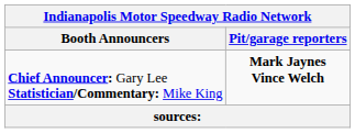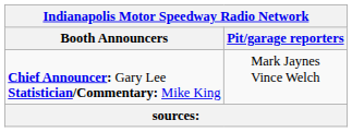 <table class="wikitable" style="font-size: 95%">
 <tr>
 <th colspan=3><a href='#'>Indianapolis Motor Speedway Radio Network</a></th>
 </tr>
 <tr>
 <th>Booth Announcers</th>
 <th><a href='#'>Pit/garage reporters</a></th>
 </tr>
 <tr>
 <td valign="top"><br><strong><a href='#'>Chief Announcer</a>: </strong>Gary Lee<br> <strong><a href='#'>Statistician</a>/Commentary: </strong><a href='#'>Mike King</a></td>
-<td align="center" valign="top"><strong>Mark Jaynes<br>Vince Welch</strong></td>
+<td align="center" valign="top">Mark Jaynes<br>Vince Welch</td>
 </tr>
 <tr>
 <th colspan=2>sources:</th>
 </tr>
 </table>
